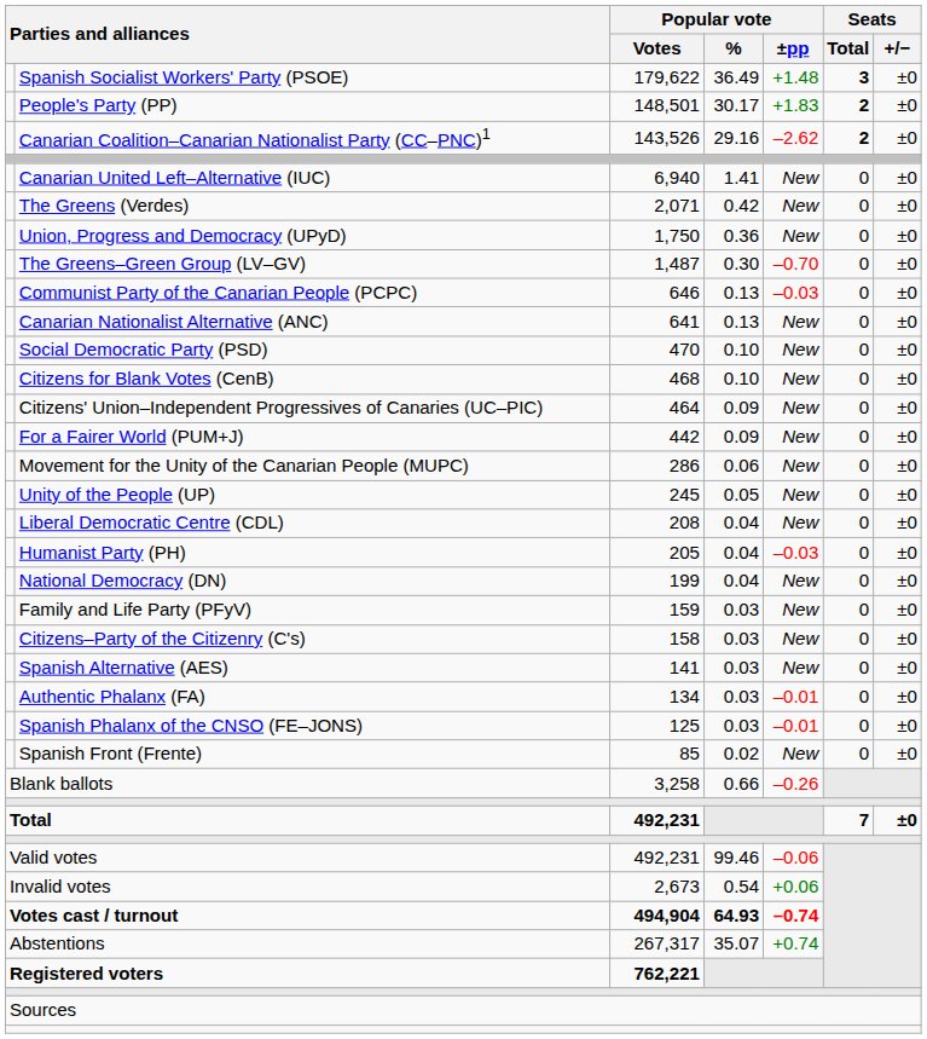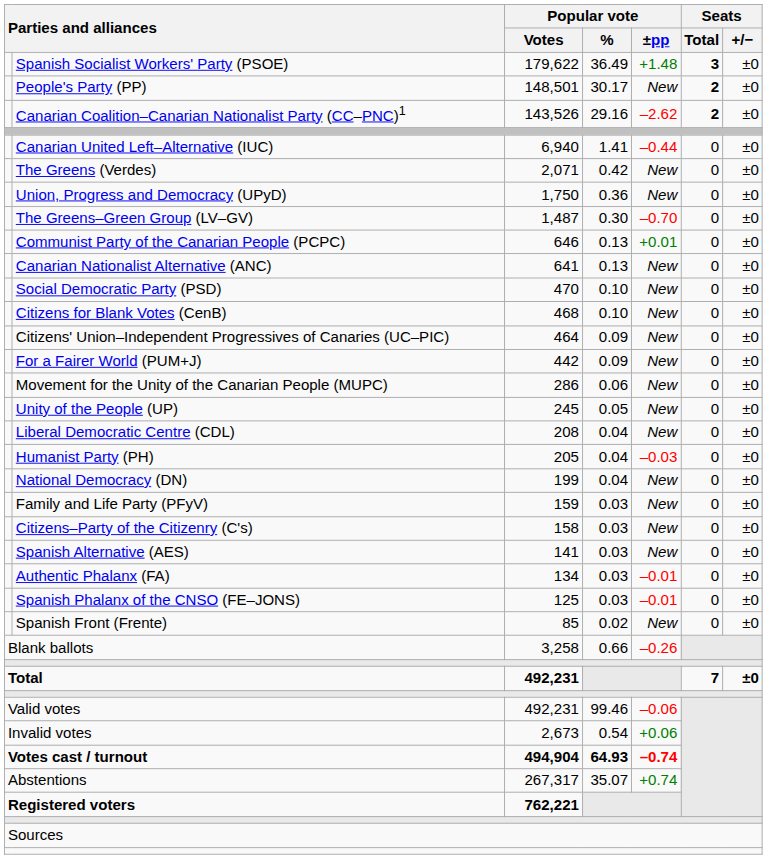 <table class="wikitable" style="text-align:right;">
 <tr>
 <th style="text-align:left;" rowspan="2" colspan="2" width="525">Parties and alliances</th>
 <th colspan="3">Popular vote</th>
 <th colspan="2">Seats</th>
 </tr>
 <tr>
 <th width="75">Votes</th>
 <th width="45">%</th>
 <th width="45">±<a href='#'>pp</a></th>
 <th width="35">Total</th>
 <th width="35">+/−</th>
 </tr>
 <tr>
 <td width="1" style="color:inherit;background:"></td>
 <td align="left"><a href='#'>Spanish Socialist Workers' Party</a> (PSOE)</td>
 <td>179,622</td>
 <td>36.49</td>
 <td style="color:green;">+1.48</td>
 <td><strong>3</strong></td>
 <td>±0</td>
 </tr>
 <tr>
 <td style="color:inherit;background:"></td>
 <td align="left"><a href='#'>People's Party</a> (PP)</td>
 <td>148,501</td>
 <td>30.17</td>
-<td style="color:green;">+1.83</td>
+<td><em>New</em></td>
 <td><strong>2</strong></td>
 <td>±0</td>
 </tr>
 <tr>
 <td style="color:inherit;background:"></td>
 <td align="left"><a href='#'>Canarian Coalition–Canarian Nationalist Party</a> (<a href='#'>CC</a>–<a href='#'>PNC</a>)<sup>1</sup></td>
 <td>143,526</td>
 <td>29.16</td>
 <td style="color:red;">–2.62</td>
 <td><strong>2</strong></td>
 <td>±0</td>
 </tr>
 <tr>
 <td colspan="7" bgcolor="#C0C0C0"></td>
 </tr>
 <tr>
 <td style="color:inherit;background:"></td>
 <td align="left"><a href='#'>Canarian United Left–Alternative</a> (IUC)</td>
 <td>6,940</td>
 <td>1.41</td>
-<td><em>New</em></td>
+<td style="color:red;">–0.44</td>
 <td>0</td>
 <td>±0</td>
 </tr>
 <tr>
 <td style="color:inherit;background:"></td>
 <td align="left"><a href='#'>The Greens</a> (Verdes)</td>
 <td>2,071</td>
 <td>0.42</td>
 <td><em>New</em></td>
 <td>0</td>
 <td>±0</td>
 </tr>
 <tr>
 <td style="color:inherit;background:"></td>
 <td align="left"><a href='#'>Union, Progress and Democracy</a> (UPyD)</td>
 <td>1,750</td>
 <td>0.36</td>
 <td><em>New</em></td>
 <td>0</td>
 <td>±0</td>
 </tr>
 <tr>
 <td style="color:inherit;background:"></td>
 <td align="left"><a href='#'>The Greens–Green Group</a> (LV–GV)</td>
 <td>1,487</td>
 <td>0.30</td>
 <td style="color:red;">–0.70</td>
 <td>0</td>
 <td>±0</td>
 </tr>
 <tr>
 <td style="color:inherit;background:"></td>
 <td align="left"><a href='#'>Communist Party of the Canarian People</a> (PCPC)</td>
 <td>646</td>
 <td>0.13</td>
-<td style="color:red;">–0.03</td>
+<td style="color:green;">+0.01</td>
 <td>0</td>
 <td>±0</td>
 </tr>
 <tr>
 <td style="color:inherit;background:"></td>
 <td align="left"><a href='#'>Canarian Nationalist Alternative</a> (ANC)</td>
 <td>641</td>
 <td>0.13</td>
 <td><em>New</em></td>
 <td>0</td>
 <td>±0</td>
 </tr>
 <tr>
 <td style="color:inherit;background:"></td>
 <td align="left"><a href='#'>Social Democratic Party</a> (PSD)</td>
 <td>470</td>
 <td>0.10</td>
 <td><em>New</em></td>
 <td>0</td>
 <td>±0</td>
 </tr>
 <tr>
 <td style="color:inherit;background:"></td>
 <td align="left"><a href='#'>Citizens for Blank Votes</a> (CenB)</td>
 <td>468</td>
 <td>0.10</td>
 <td><em>New</em></td>
 <td>0</td>
 <td>±0</td>
 </tr>
 <tr>
 <td style="color:inherit;background:"></td>
 <td align="left">Citizens' Union–Independent Progressives of Canaries (UC–PIC)</td>
 <td>464</td>
 <td>0.09</td>
 <td><em>New</em></td>
 <td>0</td>
 <td>±0</td>
 </tr>
 <tr>
 <td style="color:inherit;background:"></td>
 <td align="left"><a href='#'>For a Fairer World</a> (PUM+J)</td>
 <td>442</td>
 <td>0.09</td>
 <td><em>New</em></td>
 <td>0</td>
 <td>±0</td>
 </tr>
 <tr>
 <td style="color:inherit;background:"></td>
 <td align="left">Movement for the Unity of the Canarian People (MUPC)</td>
 <td>286</td>
 <td>0.06</td>
 <td><em>New</em></td>
 <td>0</td>
 <td>±0</td>
 </tr>
 <tr>
 <td style="color:inherit;background:"></td>
 <td align="left"><a href='#'>Unity of the People</a> (UP)</td>
 <td>245</td>
 <td>0.05</td>
 <td><em>New</em></td>
 <td>0</td>
 <td>±0</td>
 </tr>
 <tr>
 <td style="color:inherit;background:"></td>
 <td align="left"><a href='#'>Liberal Democratic Centre</a> (CDL)</td>
 <td>208</td>
 <td>0.04</td>
 <td><em>New</em></td>
 <td>0</td>
 <td>±0</td>
 </tr>
 <tr>
 <td style="color:inherit;background:"></td>
 <td align="left"><a href='#'>Humanist Party</a> (PH)</td>
 <td>205</td>
 <td>0.04</td>
 <td style="color:red;">–0.03</td>
 <td>0</td>
 <td>±0</td>
 </tr>
 <tr>
 <td style="color:inherit;background:"></td>
 <td align="left"><a href='#'>National Democracy</a> (DN)</td>
 <td>199</td>
 <td>0.04</td>
 <td><em>New</em></td>
 <td>0</td>
 <td>±0</td>
 </tr>
 <tr>
 <td style="color:inherit;background:"></td>
 <td align="left">Family and Life Party (PFyV)</td>
 <td>159</td>
 <td>0.03</td>
 <td><em>New</em></td>
 <td>0</td>
 <td>±0</td>
 </tr>
 <tr>
 <td style="color:inherit;background:"></td>
 <td align="left"><a href='#'>Citizens–Party of the Citizenry</a> (C's)</td>
 <td>158</td>
 <td>0.03</td>
 <td><em>New</em></td>
 <td>0</td>
 <td>±0</td>
 </tr>
 <tr>
 <td style="color:inherit;background:"></td>
 <td align="left"><a href='#'>Spanish Alternative</a> (AES)</td>
 <td>141</td>
 <td>0.03</td>
 <td><em>New</em></td>
 <td>0</td>
 <td>±0</td>
 </tr>
 <tr>
 <td style="color:inherit;background:"></td>
 <td align="left"><a href='#'>Authentic Phalanx</a> (FA)</td>
 <td>134</td>
 <td>0.03</td>
 <td style="color:red;">–0.01</td>
 <td>0</td>
 <td>±0</td>
 </tr>
 <tr>
 <td style="color:inherit;background:"></td>
 <td align="left"><a href='#'>Spanish Phalanx of the CNSO</a> (FE–JONS)</td>
 <td>125</td>
 <td>0.03</td>
 <td style="color:red;">–0.01</td>
 <td>0</td>
 <td>±0</td>
 </tr>
 <tr>
 <td style="color:inherit;background:"></td>
 <td align="left">Spanish Front (Frente)</td>
 <td>85</td>
 <td>0.02</td>
 <td><em>New</em></td>
 <td>0</td>
 <td>±0</td>
 </tr>
 <tr>
 <td align="left" colspan="2">Blank ballots</td>
 <td>3,258</td>
 <td>0.66</td>
 <td style="color:red;">–0.26</td>
 <td bgcolor="#E9E9E9" colspan="2"></td>
 </tr>
 <tr>
 <td colspan="7" bgcolor="#E9E9E9"></td>
 </tr>
 <tr style="font-weight:bold;">
 <td align="left" colspan="2">Total</td>
 <td>492,231</td>
 <td bgcolor="#E9E9E9" colspan="2"></td>
 <td>7</td>
 <td>±0</td>
 </tr>
 <tr>
 <td colspan="7" bgcolor="#E9E9E9"></td>
 </tr>
 <tr>
 <td align="left" colspan="2">Valid votes</td>
 <td>492,231</td>
 <td>99.46</td>
 <td style="color:red;">–0.06</td>
 <td bgcolor="#E9E9E9" colspan="2" rowspan="5"></td>
 </tr>
 <tr>
 <td align="left" colspan="2">Invalid votes</td>
 <td>2,673</td>
 <td>0.54</td>
 <td style="color:green;">+0.06</td>
 </tr>
 <tr style="font-weight:bold;">
 <td align="left" colspan="2">Votes cast / turnout</td>
 <td>494,904</td>
 <td>64.93</td>
 <td style="color:red;">–0.74</td>
 </tr>
 <tr>
 <td align="left" colspan="2">Abstentions</td>
 <td>267,317</td>
 <td>35.07</td>
 <td style="color:green;">+0.74</td>
 </tr>
 <tr style="font-weight:bold;">
 <td align="left" colspan="2">Registered voters</td>
 <td>762,221</td>
 <td bgcolor="#E9E9E9" colspan="2"></td>
 </tr>
 <tr>
 <td colspan="7" bgcolor="#E9E9E9"></td>
 </tr>
 <tr>
 <td align="left" colspan="7">Sources</td>
 </tr>
 <tr>
 <td colspan="7" style="text-align:left; max-width:790px;"></td>
 </tr>
 </table>
